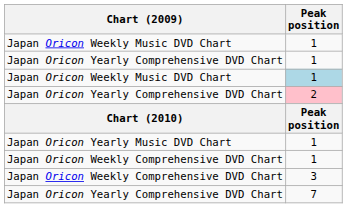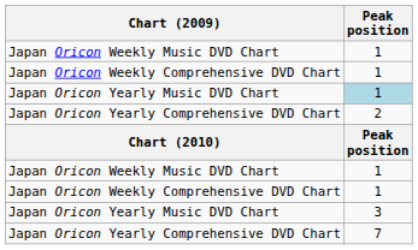 <table class="wikitable sortable">
 <tr>
 <th>Chart (2009)</th>
 <th>Peak<br>position</th>
 </tr>
 <tr>
 <td>Japan <em><a href='#'>Oricon</a></em> Weekly Music DVD Chart</td>
 <td align="center">1</td>
 </tr>
 <tr>
-<td>Japan <em>Oricon</em> Yearly Comprehensive DVD Chart</td>
+<td>Japan <em><a href='#'>Oricon</a></em> Weekly Comprehensive DVD Chart</td>
 <td align="center">1</td>
 </tr>
 <tr>
-<td>Japan <em>Oricon</em> Weekly Music DVD Chart</td>
+<td>Japan <em>Oricon</em> Yearly Music DVD Chart</td>
 <td align="center" style="background: lightblue;">1</td>
 </tr>
 <tr>
 <td>Japan <em>Oricon</em> Yearly Comprehensive DVD Chart</td>
-<td align="center" style="background: pink;">2</td>
+<td align="center">2</td>
 </tr>
 <tr>
 <th>Chart (2010)</th>
 <th>Peak<br>position</th>
 </tr>
 <tr>
-<td>Japan <em>Oricon</em> Yearly Music DVD Chart</td>
+<td>Japan <em>Oricon</em> Weekly Music DVD Chart</td>
 <td align="center">1</td>
 </tr>
 <tr>
 <td>Japan <em>Oricon</em> Weekly Comprehensive DVD Chart</td>
 <td align="center">1</td>
 </tr>
 <tr>
-<td>Japan <em><a href='#'>Oricon</a></em> Weekly Comprehensive DVD Chart</td>
+<td>Japan <em>Oricon</em> Yearly Music DVD Chart</td>
 <td align="center">3</td>
 </tr>
 <tr>
 <td>Japan <em>Oricon</em> Yearly Comprehensive DVD Chart</td>
 <td align="center">7</td>
 </tr>
 </table>
